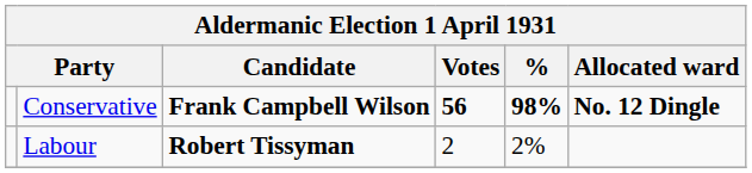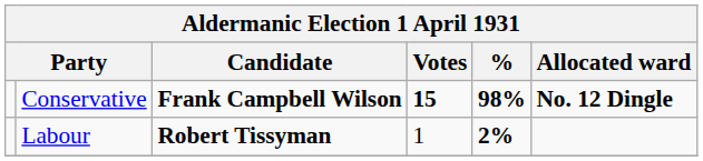 <table class="wikitable">
 <tr>
 <th colspan="6"><strong>Aldermanic Election 1 April 1931</strong></th>
 </tr>
 <tr>
 <th colspan="2">Party</th>
 <th>Candidate</th>
 <th>Votes</th>
 <th>%</th>
 <th>Allocated ward</th>
 </tr>
 <tr>
 <td style="background-color:"></td>
 <td><a href='#'>Conservative</a></td>
 <td><strong>Frank Campbell Wilson</strong></td>
-<td><strong>56</strong></td>
+<td><strong>15</strong></td>
 <td><strong>98%</strong></td>
 <td><strong>No. 12 Dingle</strong></td>
 </tr>
 <tr>
 <td style="background-color:"></td>
 <td><a href='#'>Labour</a></td>
 <td><strong>Robert Tissyman</strong></td>
-<td>2</td>
-<td>2%</td>
+<td>1</td>
+<td><strong>2%</strong></td>
 <td></td>
 </tr>
 <tr>
 </tr>
 </table>
